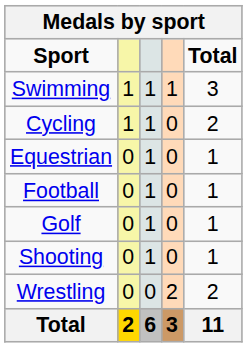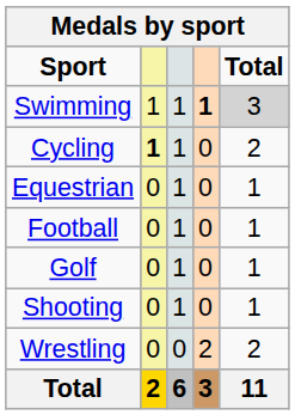 <table class="wikitable" style="font-size:85%; float:right;">
 <tr style="background:#efefef;">
 <th colspan=7>Medals by sport</th>
 </tr>
 <tr align=center>
 <td><strong>Sport</strong></td>
 <td style="background:#f7f6a8;"></td>
 <td style="background:#dce5e5;"></td>
 <td style="background:#ffdab9;"></td>
 <td><strong>Total</strong></td>
 </tr>
 <tr align=center>
 <td><a href='#'>Swimming</a></td>
 <td style="background:#f7f6a8;">1</td>
 <td style="background:#dce5e5;">1</td>
-<td style="background:#ffdab9;">1</td>
-<td>3</td>
+<td style="background:#ffdab9;"><strong>1</strong></td>
+<td style="background: lightgrey;">3</td>
 </tr>
 <tr align=center>
 <td><a href='#'>Cycling</a></td>
-<td style="background:#f7f6a8;">1</td>
+<td style="background:#f7f6a8;"><strong>1</strong></td>
 <td style="background:#dce5e5;">1</td>
 <td style="background:#ffdab9;">0</td>
 <td>2</td>
 </tr>
 <tr align=center>
 <td><a href='#'>Equestrian</a></td>
 <td style="background:#f7f6a8;">0</td>
 <td style="background:#dce5e5;">1</td>
 <td style="background:#ffdab9;">0</td>
 <td>1</td>
 </tr>
 <tr align=center>
 <td><a href='#'>Football</a></td>
 <td style="background:#f7f6a8;">0</td>
 <td style="background:#dce5e5;">1</td>
 <td style="background:#ffdab9;">0</td>
 <td>1</td>
 </tr>
 <tr align=center>
 <td><a href='#'>Golf</a></td>
 <td style="background:#f7f6a8;">0</td>
 <td style="background:#dce5e5;">1</td>
 <td style="background:#ffdab9;">0</td>
 <td>1</td>
 </tr>
 <tr align=center>
 <td><a href='#'>Shooting</a></td>
 <td style="background:#f7f6a8;">0</td>
 <td style="background:#dce5e5;">1</td>
 <td style="background:#ffdab9;">0</td>
 <td>1</td>
 </tr>
 <tr align=center>
 <td><a href='#'>Wrestling</a></td>
 <td style="background:#f7f6a8;">0</td>
 <td style="background:#dce5e5;">0</td>
 <td style="background:#ffdab9;">2</td>
 <td>2</td>
 </tr>
 <tr>
 <th>Total</th>
 <th style="background:gold;">2</th>
 <th style="background:silver;">6</th>
 <th style="background:#c96;">3</th>
 <th>11</th>
 </tr>
 </table>
